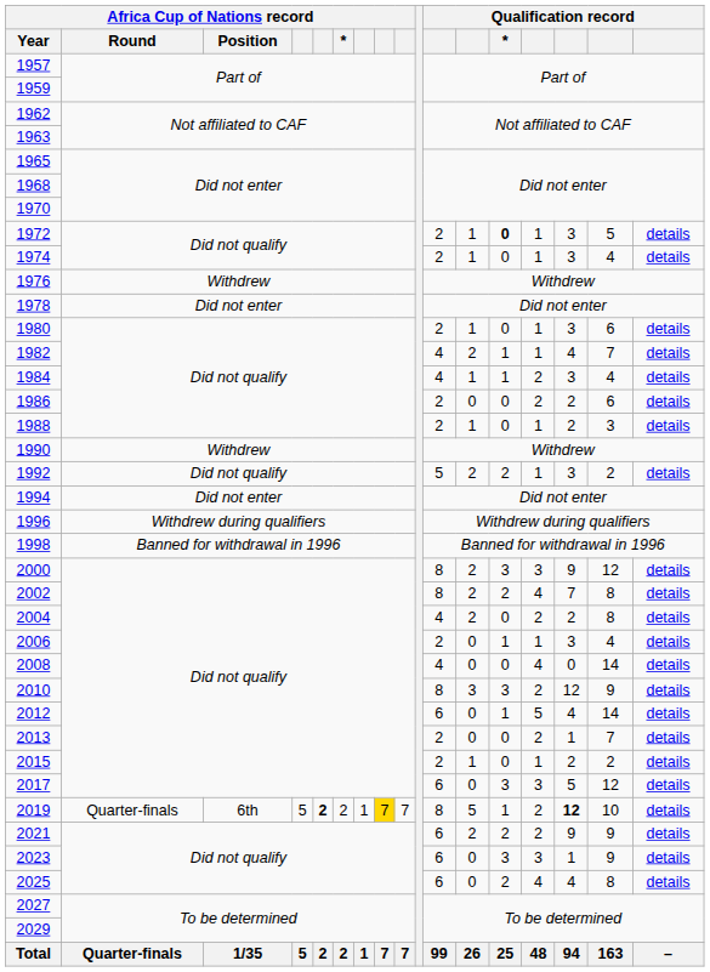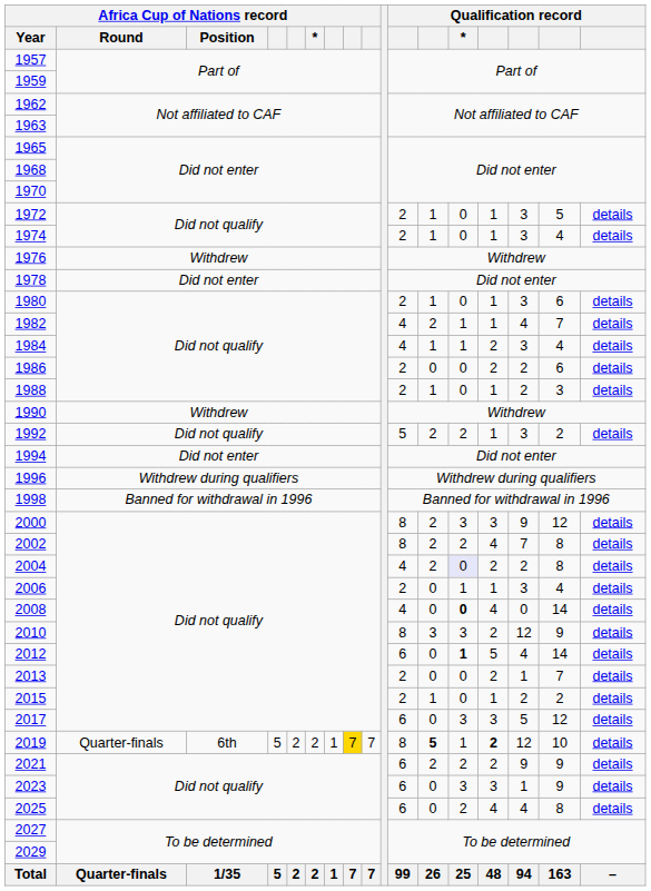 <table class="wikitable" style="text-align: center;">
 <tr>
 <th colspan=9><a href='#'>Africa Cup of Nations</a> record</th>
 <th rowspan="40" width="1%"></th>
 <th colspan=7>Qualification record</th>
 </tr>
 <tr>
 <th>Year</th>
 <th>Round</th>
 <th>Position</th>
 <th></th>
 <th></th>
 <th>*</th>
 <th></th>
 <th></th>
 <th></th>
 <th></th>
 <th></th>
 <th>*</th>
 <th></th>
 <th></th>
 <th></th>
 <th></th>
 </tr>
 <tr>
 <td> <a href='#'>1957</a></td>
 <td colspan=8 rowspan=2><em>Part of </em></td>
 <td colspan="7" rowspan="2"><em>Part of </em></td>
 </tr>
 <tr>
 <td> <a href='#'>1959</a></td>
 </tr>
 <tr>
 <td> <a href='#'>1962</a></td>
 <td rowspan=2 colspan=8><em>Not affiliated to CAF</em></td>
 <td colspan="7" rowspan="2"><em>Not affiliated to CAF</em></td>
 </tr>
 <tr>
 <td> <a href='#'>1963</a></td>
 </tr>
 <tr>
 <td> <a href='#'>1965</a></td>
 <td colspan=8 rowspan=3><em>Did not enter</em></td>
 <td colspan="7" rowspan="3"><em>Did not enter</em></td>
 </tr>
 <tr>
 <td> <a href='#'>1968</a></td>
 </tr>
 <tr>
 <td> <a href='#'>1970</a></td>
 </tr>
 <tr>
 <td> <a href='#'>1972</a></td>
 <td rowspan=2 colspan=8><em>Did not qualify</em></td>
 <td>2</td>
 <td>1</td>
-<td><strong>0</strong></td>
+<td>0</td>
 <td>1</td>
 <td>3</td>
 <td>5</td>
 <td><a href='#'>details</a></td>
 </tr>
 <tr>
 <td> <a href='#'>1974</a></td>
 <td>2</td>
 <td>1</td>
 <td>0</td>
 <td>1</td>
 <td>3</td>
 <td>4</td>
 <td><a href='#'>details</a></td>
 </tr>
 <tr>
 <td> <a href='#'>1976</a></td>
 <td colspan=8><em>Withdrew</em></td>
 <td colspan="7"><em>Withdrew</em></td>
 </tr>
 <tr>
 <td> <a href='#'>1978</a></td>
 <td colspan=8><em>Did not enter</em></td>
 <td colspan="7"><em>Did not enter</em></td>
 </tr>
 <tr>
 <td> <a href='#'>1980</a></td>
 <td rowspan=5 colspan=8><em>Did not qualify</em></td>
 <td>2</td>
 <td>1</td>
 <td>0</td>
 <td>1</td>
 <td>3</td>
 <td>6</td>
 <td><a href='#'>details</a></td>
 </tr>
 <tr>
 <td> <a href='#'>1982</a></td>
 <td>4</td>
 <td>2</td>
 <td>1</td>
 <td>1</td>
 <td>4</td>
 <td>7</td>
 <td><a href='#'>details</a></td>
 </tr>
 <tr>
 <td> <a href='#'>1984</a></td>
 <td>4</td>
 <td>1</td>
 <td>1</td>
 <td>2</td>
 <td>3</td>
 <td>4</td>
 <td><a href='#'>details</a></td>
 </tr>
 <tr>
 <td> <a href='#'>1986</a></td>
 <td>2</td>
 <td>0</td>
 <td>0</td>
 <td>2</td>
 <td>2</td>
 <td>6</td>
 <td><a href='#'>details</a></td>
 </tr>
 <tr>
 <td> <a href='#'>1988</a></td>
 <td>2</td>
 <td>1</td>
 <td>0</td>
 <td>1</td>
 <td>2</td>
 <td>3</td>
 <td><a href='#'>details</a></td>
 </tr>
 <tr>
 <td> <a href='#'>1990</a></td>
 <td colspan=8><em>Withdrew</em></td>
 <td colspan="7"><em>Withdrew</em></td>
 </tr>
 <tr>
 <td> <a href='#'>1992</a></td>
 <td colspan="8"><em>Did not qualify</em></td>
 <td>5</td>
 <td>2</td>
 <td>2</td>
 <td>1</td>
 <td>3</td>
 <td>2</td>
 <td><a href='#'>details</a></td>
 </tr>
 <tr>
 <td> <a href='#'>1994</a></td>
 <td colspan="8"><em>Did not enter</em></td>
 <td colspan="7"><em>Did not enter</em></td>
 </tr>
 <tr>
 <td> <a href='#'>1996</a></td>
 <td colspan="8"><em>Withdrew during qualifiers</em></td>
 <td colspan="7"><em>Withdrew during qualifiers</em></td>
 </tr>
 <tr>
 <td> <a href='#'>1998</a></td>
 <td colspan="8"><em>Banned for withdrawal in 1996</em></td>
 <td colspan="7"><em>Banned for withdrawal in 1996</em></td>
 </tr>
 <tr>
 <td>  <a href='#'>2000</a></td>
 <td rowspan=10 colspan="8"><em>Did not qualify</em></td>
 <td>8</td>
 <td>2</td>
 <td>3</td>
 <td>3</td>
 <td>9</td>
 <td>12</td>
 <td><a href='#'>details</a></td>
 </tr>
 <tr>
 <td> <a href='#'>2002</a></td>
 <td>8</td>
 <td>2</td>
 <td>2</td>
 <td>4</td>
 <td>7</td>
 <td>8</td>
 <td><a href='#'>details</a></td>
 </tr>
 <tr>
 <td> <a href='#'>2004</a></td>
 <td>4</td>
 <td>2</td>
-<td>0</td>
+<td style="background: lavender;">0</td>
 <td>2</td>
 <td>2</td>
 <td>8</td>
 <td><a href='#'>details</a></td>
 </tr>
 <tr>
 <td> <a href='#'>2006</a></td>
 <td>2</td>
 <td>0</td>
 <td>1</td>
 <td>1</td>
 <td>3</td>
 <td>4</td>
 <td><a href='#'>details</a></td>
 </tr>
 <tr>
 <td> <a href='#'>2008</a></td>
 <td>4</td>
 <td>0</td>
-<td>0</td>
+<td><strong>0</strong></td>
 <td>4</td>
 <td>0</td>
 <td>14</td>
 <td><a href='#'>details</a></td>
 </tr>
 <tr>
 <td> <a href='#'>2010</a></td>
 <td>8</td>
 <td>3</td>
 <td>3</td>
 <td>2</td>
 <td>12</td>
 <td>9</td>
 <td><a href='#'>details</a></td>
 </tr>
 <tr>
 <td> <a href='#'>2012</a></td>
 <td>6</td>
 <td>0</td>
-<td>1</td>
+<td><strong>1</strong></td>
 <td>5</td>
 <td>4</td>
 <td>14</td>
 <td><a href='#'>details</a></td>
 </tr>
 <tr>
 <td> <a href='#'>2013</a></td>
 <td>2</td>
 <td>0</td>
 <td>0</td>
 <td>2</td>
 <td>1</td>
 <td>7</td>
 <td><a href='#'>details</a></td>
 </tr>
 <tr>
 <td> <a href='#'>2015</a></td>
 <td>2</td>
 <td>1</td>
 <td>0</td>
 <td>1</td>
 <td>2</td>
 <td>2</td>
 <td><a href='#'>details</a></td>
 </tr>
 <tr>
 <td> <a href='#'>2017</a></td>
 <td>6</td>
 <td>0</td>
 <td>3</td>
 <td>3</td>
 <td>5</td>
 <td>12</td>
 <td><a href='#'>details</a></td>
 </tr>
 <tr>
 <td> <a href='#'>2019</a></td>
 <td>Quarter-finals</td>
 <td>6th</td>
 <td>5</td>
-<td><strong>2</strong></td>
+<td>2</td>
 <td>2</td>
 <td>1</td>
 <td style="background: gold;">7</td>
 <td>7</td>
 <td>8</td>
-<td>5</td>
+<td><strong>5</strong></td>
 <td>1</td>
-<td>2</td>
-<td><strong>12</strong></td>
+<td><strong>2</strong></td>
+<td>12</td>
 <td>10</td>
 <td><a href='#'>details</a></td>
 </tr>
 <tr>
 <td> <a href='#'>2021</a></td>
 <td rowspan="3" colspan="8"><em>Did not qualify</em></td>
 <td>6</td>
 <td>2</td>
 <td>2</td>
 <td>2</td>
 <td>9</td>
 <td>9</td>
 <td><a href='#'>details</a></td>
 </tr>
 <tr>
 <td> <a href='#'>2023</a></td>
 <td>6</td>
 <td>0</td>
 <td>3</td>
 <td>3</td>
 <td>1</td>
 <td>9</td>
 <td><a href='#'>details</a></td>
 </tr>
 <tr>
 <td> <a href='#'>2025</a></td>
 <td>6</td>
 <td>0</td>
 <td>2</td>
 <td>4</td>
 <td>4</td>
 <td>8</td>
 <td><a href='#'>details</a></td>
 </tr>
 <tr>
 <td>   <a href='#'>2027</a></td>
 <td colspan="8" rowspan="2"><em>To be determined</em></td>
 <td colspan="7" rowspan="2"><em>To be determined</em></td>
 </tr>
 <tr>
 <td> <a href='#'>2029</a></td>
 </tr>
 <tr>
 <th>Total</th>
 <th>Quarter-finals</th>
 <th>1/35</th>
 <th>5</th>
 <th>2</th>
 <th>2</th>
 <th>1</th>
 <th>7</th>
 <th>7</th>
 <th>99</th>
 <th>26</th>
 <th>25</th>
 <th>48</th>
 <th>94</th>
 <th>163</th>
 <th>–</th>
 </tr>
 </table>
